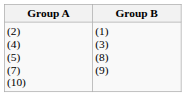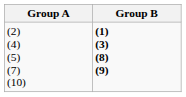 <table class="wikitable" style="width:40%">
 <tr>
 <th width="20%">Group A</th>
 <th width="20%">Group B</th>
 </tr>
 <tr>
 <td> (2)<br> (4)<br> (5)<br> (7)<br> (10)</td>
-<td> (1)<br> (3)<br> (8)<br> (9)<br><br></td>
+<td><strong> (1)<br> (3)<br> (8)<br> (9)<br><br></strong></td>
 </tr>
 </table>
